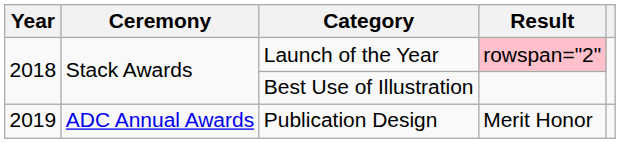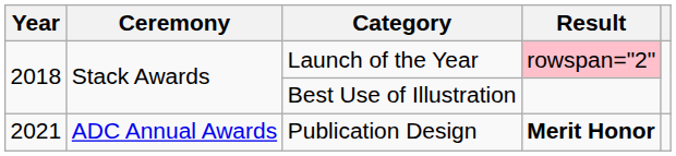 <table class="wikitable sortable">
 <tr>
 <th>Year</th>
 <th>Ceremony</th>
 <th>Category</th>
 <th>Result</th>
 <th class="unsortable"></th>
 </tr>
 <tr>
 <td rowspan="2">2018</td>
 <td rowspan="2">Stack Awards</td>
 <td>Launch of the Year</td>
 <td style="background: pink;">rowspan="2" </td>
 <td rowspan="2"></td>
 </tr>
 <tr>
 <td>Best Use of Illustration</td>
 </tr>
 <tr valign="top">
-<td>2019</td>
+<td>2021</td>
 <td><a href='#'>ADC Annual Awards</a></td>
 <td>Publication Design</td>
-<td>Merit Honor</td>
+<td><strong>Merit Honor</strong></td>
 <td></td>
 </tr>
 </table>
